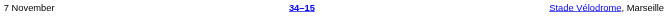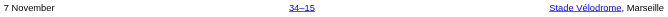 <table style="width:100%;" cellspacing="1">
 <tr>
 <th width=15%></th>
 <th width=25%></th>
 <th width=10%></th>
 <th width=25%></th>
 </tr>
 <tr style=font-size:90%>
 <td align=right>7 November</td>
 <td align=right></td>
-<td align=center><strong><a href='#'>34–15</a></strong></td>
+<td align=center><a href='#'>34–15</a></td>
 <td></td>
 <td><a href='#'>Stade Vélodrome</a>, Marseille</td>
 </tr>
 </table>
